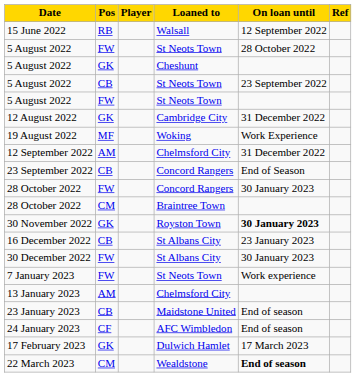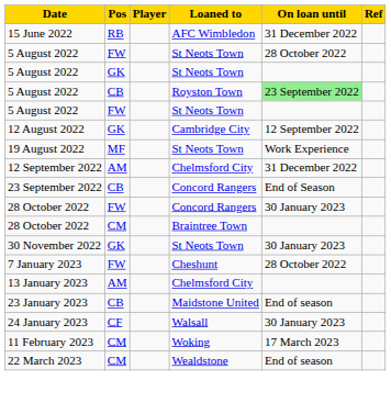 <table class="wikitable plainrowheaders sortable">
 <tr>
 <th style="background-color:#ffd700; color:#000000; ">Date</th>
 <th style="background-color:#ffd700; color:#000000; ">Pos</th>
 <th style="background-color:#ffd700; color:#000000; ">Player</th>
 <th style="background-color:#ffd700; color:#000000; ">Loaned to</th>
 <th style="background-color:#ffd700; color:#000000; ">On loan until</th>
 <th style="background-color:#ffd700; color:#000000; ">Ref</th>
 </tr>
 <tr>
 <td>15 June 2022</td>
 <td><a href='#'>RB</a></td>
 <td></td>
-<td><a href='#'>Walsall</a></td>
-<td>12 September 2022</td>
+<td><a href='#'>AFC Wimbledon</a></td>
+<td>31 December 2022</td>
 <td></td>
 </tr>
 <tr>
 <td>5 August 2022</td>
 <td><a href='#'>FW</a></td>
 <td></td>
 <td><a href='#'>St Neots Town</a></td>
 <td>28 October 2022</td>
 <td></td>
 </tr>
 <tr>
 <td>5 August 2022</td>
 <td><a href='#'>GK</a></td>
 <td></td>
-<td><a href='#'>Cheshunt</a></td>
+<td><a href='#'>St Neots Town</a></td>
 <td></td>
 <td></td>
 </tr>
 <tr>
 <td>5 August 2022</td>
 <td><a href='#'>CB</a></td>
 <td></td>
-<td><a href='#'>St Neots Town</a></td>
-<td>23 September 2022</td>
+<td><a href='#'>Royston Town</a></td>
+<td style="background: lightgreen;">23 September 2022</td>
 <td></td>
 </tr>
 <tr>
 <td>5 August 2022</td>
 <td><a href='#'>FW</a></td>
 <td></td>
 <td><a href='#'>St Neots Town</a></td>
 <td></td>
 <td></td>
 </tr>
 <tr>
 <td>12 August 2022</td>
 <td><a href='#'>GK</a></td>
 <td></td>
 <td><a href='#'>Cambridge City</a></td>
-<td>31 December 2022</td>
+<td>12 September 2022</td>
 <td></td>
 </tr>
 <tr>
 <td>19 August 2022</td>
 <td><a href='#'>MF</a></td>
 <td></td>
-<td><a href='#'>Woking</a></td>
+<td><a href='#'>St Neots Town</a></td>
 <td>Work Experience</td>
 <td></td>
 </tr>
 <tr>
 <td>12 September 2022</td>
 <td><a href='#'>AM</a></td>
 <td></td>
 <td><a href='#'>Chelmsford City</a></td>
 <td>31 December 2022</td>
 <td></td>
 </tr>
 <tr>
 <td>23 September 2022</td>
 <td><a href='#'>CB</a></td>
 <td></td>
 <td><a href='#'>Concord Rangers</a></td>
 <td>End of Season</td>
 <td></td>
 </tr>
 <tr>
 <td>28 October 2022</td>
 <td><a href='#'>FW</a></td>
 <td></td>
 <td><a href='#'>Concord Rangers</a></td>
 <td>30 January 2023</td>
 <td></td>
 </tr>
 <tr>
 <td>28 October 2022</td>
 <td><a href='#'>CM</a></td>
 <td></td>
 <td><a href='#'>Braintree Town</a></td>
 <td></td>
 <td></td>
 </tr>
 <tr>
 <td>30 November 2022</td>
 <td><a href='#'>GK</a></td>
 <td></td>
-<td><a href='#'>Royston Town</a></td>
-<td><strong>30 January 2023</strong></td>
-<td></td>
-</tr>
-<tr>
-<td>16 December 2022</td>
-<td><a href='#'>CB</a></td>
-<td></td>
-<td><a href='#'>St Albans City</a></td>
-<td>23 January 2023</td>
-<td></td>
-</tr>
-<tr>
-<td>30 December 2022</td>
-<td><a href='#'>FW</a></td>
-<td></td>
-<td><a href='#'>St Albans City</a></td>
+<td><a href='#'>St Neots Town</a></td>
 <td>30 January 2023</td>
 <td></td>
 </tr>
 <tr>
 <td>7 January 2023</td>
 <td><a href='#'>FW</a></td>
 <td></td>
-<td><a href='#'>St Neots Town</a></td>
-<td>Work experience</td>
+<td><a href='#'>Cheshunt</a></td>
+<td>28 October 2022</td>
 <td></td>
 </tr>
 <tr>
 <td>13 January 2023</td>
 <td><a href='#'>AM</a></td>
 <td></td>
 <td><a href='#'>Chelmsford City</a></td>
 <td></td>
 <td></td>
 </tr>
 <tr>
 <td>23 January 2023</td>
 <td><a href='#'>CB</a></td>
 <td></td>
 <td><a href='#'>Maidstone United</a></td>
 <td>End of season</td>
 <td></td>
 </tr>
 <tr>
 <td>24 January 2023</td>
 <td><a href='#'>CF</a></td>
 <td></td>
-<td><a href='#'>AFC Wimbledon</a></td>
-<td>End of season</td>
+<td><a href='#'>Walsall</a></td>
+<td>30 January 2023</td>
 <td></td>
 </tr>
 <tr>
-<td>17 February 2023</td>
-<td><a href='#'>GK</a></td>
+<td>11 February 2023</td>
+<td><a href='#'>CM</a></td>
 <td></td>
-<td><a href='#'>Dulwich Hamlet</a></td>
+<td><a href='#'>Woking</a></td>
 <td>17 March 2023</td>
 <td></td>
 </tr>
 <tr>
 <td>22 March 2023</td>
 <td><a href='#'>CM</a></td>
 <td></td>
 <td><a href='#'>Wealdstone</a></td>
-<td><strong>End of season</strong></td>
+<td>End of season</td>
 <td></td>
 </tr>
 </table>
